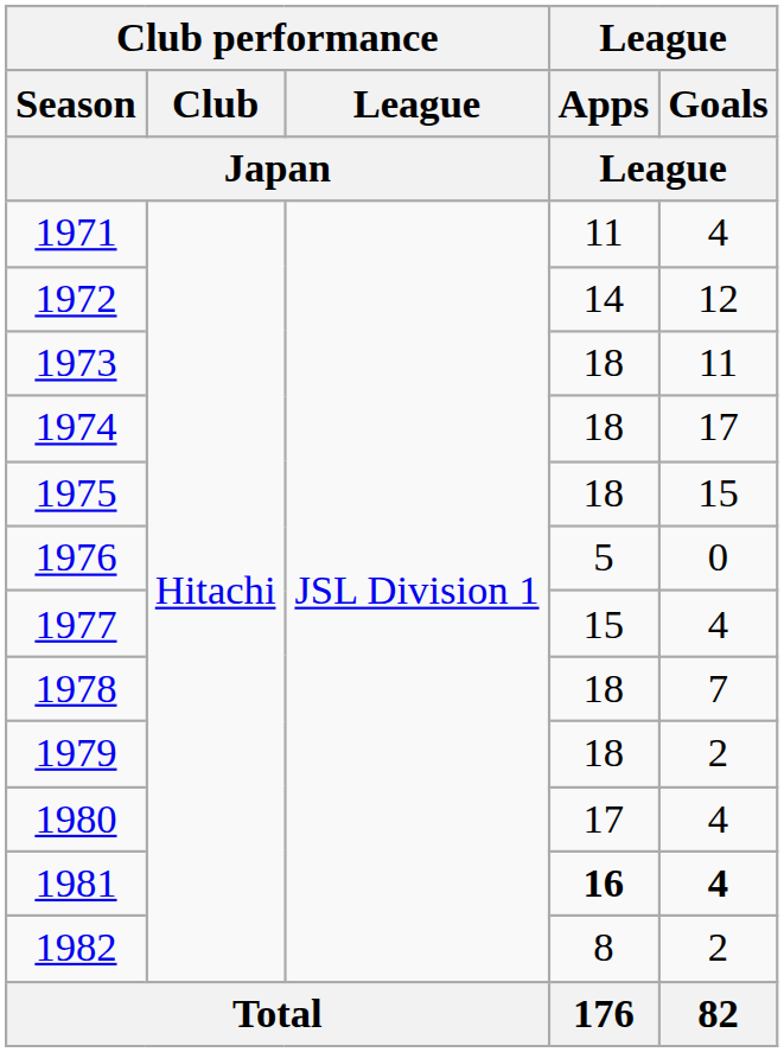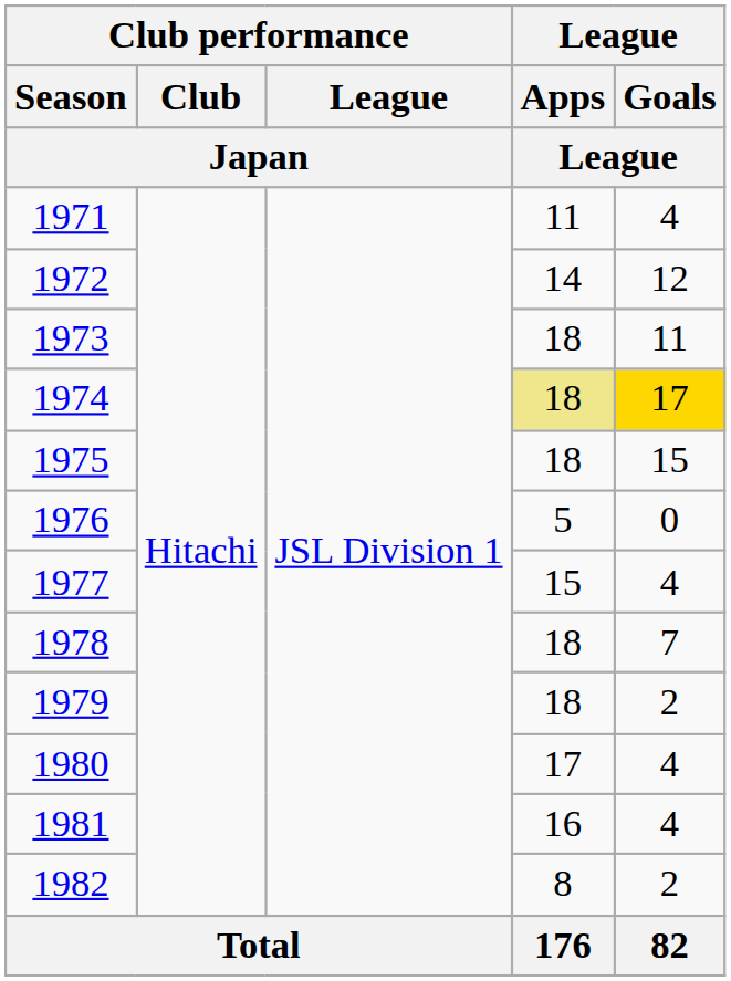 <table class="wikitable" style="text-align:center;">
 <tr>
 <th colspan=3>Club performance</th>
 <th colspan=2>League</th>
 </tr>
 <tr>
 <th>Season</th>
 <th>Club</th>
 <th>League</th>
 <th>Apps</th>
 <th>Goals</th>
 </tr>
 <tr>
 <th colspan=3>Japan</th>
 <th colspan=2>League</th>
 </tr>
 <tr>
 <td><a href='#'>1971</a></td>
 <td rowspan="12"><a href='#'>Hitachi</a></td>
 <td rowspan="12"><a href='#'>JSL Division 1</a></td>
 <td>11</td>
 <td>4</td>
 </tr>
 <tr>
 <td><a href='#'>1972</a></td>
 <td>14</td>
 <td>12</td>
 </tr>
 <tr>
 <td><a href='#'>1973</a></td>
 <td>18</td>
 <td>11</td>
 </tr>
 <tr>
 <td><a href='#'>1974</a></td>
-<td>18</td>
-<td>17</td>
+<td style="background: khaki;">18</td>
+<td style="background: gold;">17</td>
 </tr>
 <tr>
 <td><a href='#'>1975</a></td>
 <td>18</td>
 <td>15</td>
 </tr>
 <tr>
 <td><a href='#'>1976</a></td>
 <td>5</td>
 <td>0</td>
 </tr>
 <tr>
 <td><a href='#'>1977</a></td>
 <td>15</td>
 <td>4</td>
 </tr>
 <tr>
 <td><a href='#'>1978</a></td>
 <td>18</td>
 <td>7</td>
 </tr>
 <tr>
 <td><a href='#'>1979</a></td>
 <td>18</td>
 <td>2</td>
 </tr>
 <tr>
 <td><a href='#'>1980</a></td>
 <td>17</td>
 <td>4</td>
 </tr>
 <tr>
 <td><a href='#'>1981</a></td>
-<td><strong>16</strong></td>
-<td><strong>4</strong></td>
+<td>16</td>
+<td>4</td>
 </tr>
 <tr>
 <td><a href='#'>1982</a></td>
 <td>8</td>
 <td>2</td>
 </tr>
 <tr>
 <th colspan=3>Total</th>
 <th>176</th>
 <th>82</th>
 </tr>
 </table>
